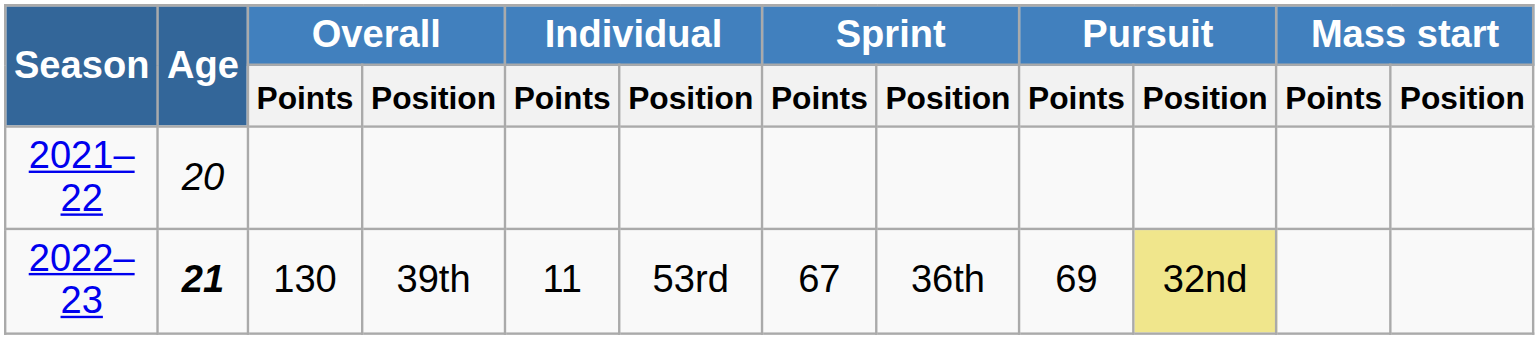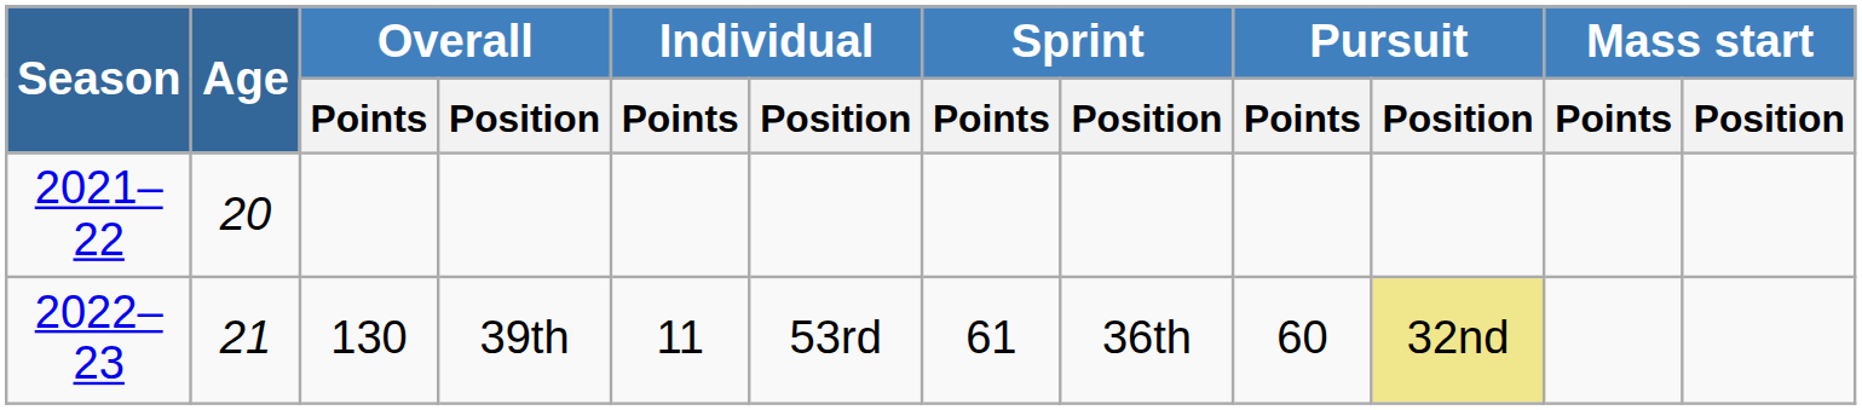 <table class="wikitable" style="text-align:center;" width="75%">
 <tr class="hintergrundfarbe5">
 </tr>
 <tr style="background:#efefef;">
 <th rowspan="2" style="background-color:#369; color:white; width:80px">Season</th>
 <th rowspan="2" style="background-color:#369; color:white; width:40px">Age</th>
 <th colspan="2" style="background-color:#4180be; color:white; width:116px;">Overall</th>
 <th colspan="2" style="background-color:#4180be; color:white; width:116px;">Individual</th>
 <th colspan="2" style="background-color:#4180be; color:white; width:116px;">Sprint</th>
 <th colspan="2" style="background-color:#4180be; color:white; width:116px;">Pursuit</th>
 <th colspan="2" style="background-color:#4180be; color:white; width:116px;">Mass start</th>
 </tr>
 <tr class="hintergrundfarbe5">
 <th style="width:60px;"><small>Points</small></th>
 <th style="width:60px;"><small>Position</small></th>
 <th style="width:60px;"><small>Points</small></th>
 <th style="width:60px;"><small>Position</small></th>
 <th style="width:60px;"><small>Points</small></th>
 <th style="width:60px;"><small>Position</small></th>
 <th style="width:60px;"><small>Points</small></th>
 <th style="width:60px;"><small>Position</small></th>
 <th style="width:60px;"><small>Points</small></th>
 <th style="width:60px;"><small>Position</small></th>
 </tr>
 <tr>
 <td><a href='#'>2021–22</a></td>
 <td><em>20</em></td>
 <td></td>
 <td></td>
 <td></td>
 <td></td>
 <td></td>
 <td></td>
 <td></td>
 <td></td>
 <td></td>
 <td></td>
 </tr>
 <tr>
 <td><a href='#'>2022–23</a></td>
-<td><strong><em>21</em></strong></td>
+<td><em>21</em></td>
 <td>130</td>
 <td>39th</td>
 <td>11</td>
 <td>53rd</td>
-<td>67</td>
+<td>61</td>
 <td>36th</td>
-<td>69</td>
+<td>60</td>
 <td style="background: khaki;">32nd</td>
 <td></td>
 <td></td>
 </tr>
 </table>
